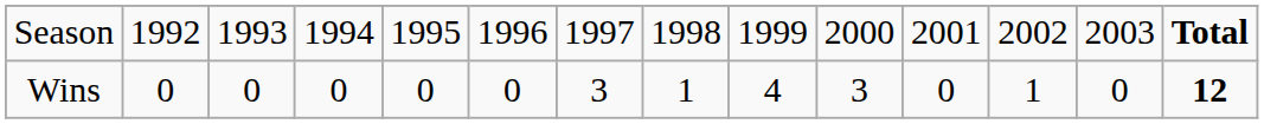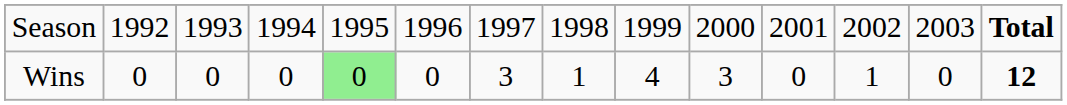 <table class="wikitable sortable">
 <tr>
 <td>Season</td>
 <td>1992</td>
 <td>1993</td>
 <td>1994</td>
 <td>1995</td>
 <td>1996</td>
 <td>1997</td>
 <td>1998</td>
 <td>1999</td>
 <td>2000</td>
 <td>2001</td>
 <td>2002</td>
 <td>2003</td>
 <td><strong>Total</strong></td>
 </tr>
 <tr align=center>
 <td>Wins</td>
 <td>0</td>
 <td>0</td>
 <td>0</td>
-<td>0</td>
+<td style="background: lightgreen;">0</td>
 <td>0</td>
 <td>3</td>
 <td>1</td>
 <td>4</td>
 <td>3</td>
 <td>0</td>
 <td>1</td>
 <td>0</td>
 <td><strong>12</strong></td>
 </tr>
 </table>
